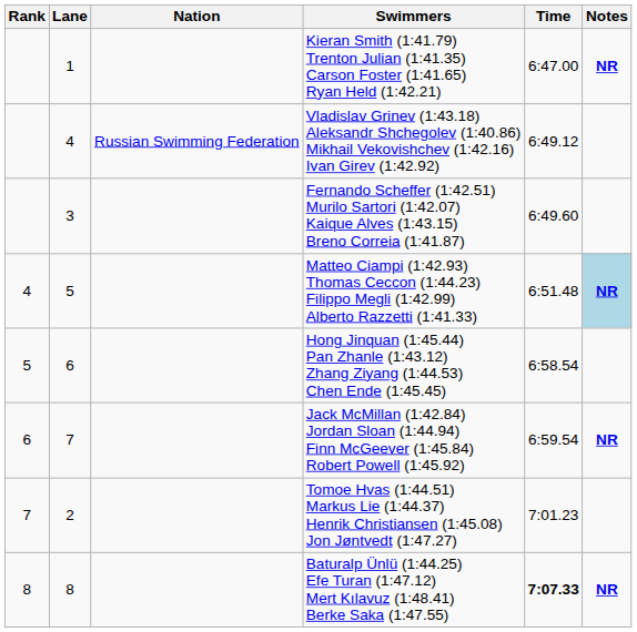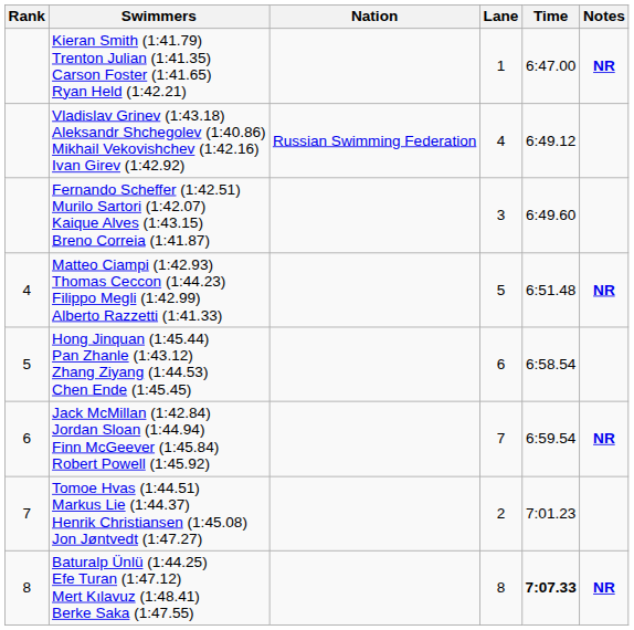 <table class="wikitable sortable" style="text-align:center">
 <tr>
 <th>Rank</th>
+<th>Swimmers</th>
+<th>Nation</th>
 <th>Lane</th>
-<th>Nation</th>
-<th>Swimmers</th>
 <th>Time</th>
 <th>Notes</th>
 </tr>
 <tr>
 <td></td>
+<td align=left><a href='#'>Kieran Smith</a> (1:41.79)<br><a href='#'>Trenton Julian</a> (1:41.35)<br><a href='#'>Carson Foster</a> (1:41.65)<br><a href='#'>Ryan Held</a> (1:42.21)</td>
+<td align=left></td>
 <td>1</td>
-<td align=left></td>
-<td align=left><a href='#'>Kieran Smith</a> (1:41.79)<br><a href='#'>Trenton Julian</a> (1:41.35)<br><a href='#'>Carson Foster</a> (1:41.65)<br><a href='#'>Ryan Held</a> (1:42.21)</td>
 <td>6:47.00</td>
 <td><strong><a href='#'>NR</a></strong></td>
 </tr>
 <tr>
 <td></td>
+<td align=left><a href='#'>Vladislav Grinev</a> (1:43.18)<br><a href='#'>Aleksandr Shchegolev</a> (1:40.86)<br><a href='#'>Mikhail Vekovishchev</a> (1:42.16)<br><a href='#'>Ivan Girev</a> (1:42.92)</td>
+<td align=left><a href='#'>Russian Swimming Federation</a></td>
 <td>4</td>
-<td align=left><a href='#'>Russian Swimming Federation</a></td>
-<td align=left><a href='#'>Vladislav Grinev</a> (1:43.18)<br><a href='#'>Aleksandr Shchegolev</a> (1:40.86)<br><a href='#'>Mikhail Vekovishchev</a> (1:42.16)<br><a href='#'>Ivan Girev</a> (1:42.92)</td>
 <td>6:49.12</td>
 <td></td>
 </tr>
 <tr>
 <td></td>
+<td align=left><a href='#'>Fernando Scheffer</a> (1:42.51)<br><a href='#'>Murilo Sartori</a> (1:42.07)<br><a href='#'>Kaique Alves</a> (1:43.15)<br><a href='#'>Breno Correia</a> (1:41.87)</td>
+<td align=left></td>
 <td>3</td>
-<td align=left></td>
-<td align=left><a href='#'>Fernando Scheffer</a> (1:42.51)<br><a href='#'>Murilo Sartori</a> (1:42.07)<br><a href='#'>Kaique Alves</a> (1:43.15)<br><a href='#'>Breno Correia</a> (1:41.87)</td>
 <td>6:49.60</td>
 <td></td>
 </tr>
 <tr>
 <td>4</td>
+<td align=left><a href='#'>Matteo Ciampi</a> (1:42.93)<br><a href='#'>Thomas Ceccon</a> (1:44.23)<br><a href='#'>Filippo Megli</a> (1:42.99)<br><a href='#'>Alberto Razzetti</a> (1:41.33)</td>
+<td align=left></td>
 <td>5</td>
-<td align=left></td>
-<td align=left><a href='#'>Matteo Ciampi</a> (1:42.93)<br><a href='#'>Thomas Ceccon</a> (1:44.23)<br><a href='#'>Filippo Megli</a> (1:42.99)<br><a href='#'>Alberto Razzetti</a> (1:41.33)</td>
 <td>6:51.48</td>
-<td style="background: lightblue;"><strong><a href='#'>NR</a></strong></td>
+<td><strong><a href='#'>NR</a></strong></td>
 </tr>
 <tr>
 <td>5</td>
+<td align=left><a href='#'>Hong Jinquan</a> (1:45.44)<br><a href='#'>Pan Zhanle</a> (1:43.12)<br><a href='#'>Zhang Ziyang</a> (1:44.53)<br><a href='#'>Chen Ende</a> (1:45.45)</td>
+<td align=left></td>
 <td>6</td>
-<td align=left></td>
-<td align=left><a href='#'>Hong Jinquan</a> (1:45.44)<br><a href='#'>Pan Zhanle</a> (1:43.12)<br><a href='#'>Zhang Ziyang</a> (1:44.53)<br><a href='#'>Chen Ende</a> (1:45.45)</td>
 <td>6:58.54</td>
 <td></td>
 </tr>
 <tr>
 <td>6</td>
+<td align=left><a href='#'>Jack McMillan</a> (1:42.84)<br><a href='#'>Jordan Sloan</a> (1:44.94)<br><a href='#'>Finn McGeever</a> (1:45.84)<br><a href='#'>Robert Powell</a> (1:45.92)</td>
+<td align=left></td>
 <td>7</td>
-<td align=left></td>
-<td align=left><a href='#'>Jack McMillan</a> (1:42.84)<br><a href='#'>Jordan Sloan</a> (1:44.94)<br><a href='#'>Finn McGeever</a> (1:45.84)<br><a href='#'>Robert Powell</a> (1:45.92)</td>
 <td>6:59.54</td>
 <td><strong><a href='#'>NR</a></strong></td>
 </tr>
 <tr>
 <td>7</td>
+<td align=left><a href='#'>Tomoe Hvas</a> (1:44.51)<br><a href='#'>Markus Lie</a> (1:44.37)<br><a href='#'>Henrik Christiansen</a> (1:45.08)<br><a href='#'>Jon Jøntvedt</a> (1:47.27)</td>
+<td align=left></td>
 <td>2</td>
-<td align=left></td>
-<td align=left><a href='#'>Tomoe Hvas</a> (1:44.51)<br><a href='#'>Markus Lie</a> (1:44.37)<br><a href='#'>Henrik Christiansen</a> (1:45.08)<br><a href='#'>Jon Jøntvedt</a> (1:47.27)</td>
 <td>7:01.23</td>
 <td></td>
 </tr>
 <tr>
 <td>8</td>
+<td align=left><a href='#'>Baturalp Ünlü</a> (1:44.25)<br><a href='#'>Efe Turan</a> (1:47.12)<br><a href='#'>Mert Kılavuz</a> (1:48.41)<br><a href='#'>Berke Saka</a> (1:47.55)</td>
+<td align=left></td>
 <td>8</td>
-<td align=left></td>
-<td align=left><a href='#'>Baturalp Ünlü</a> (1:44.25)<br><a href='#'>Efe Turan</a> (1:47.12)<br><a href='#'>Mert Kılavuz</a> (1:48.41)<br><a href='#'>Berke Saka</a> (1:47.55)</td>
 <td><strong>7:07.33</strong></td>
 <td><strong><a href='#'>NR</a></strong></td>
 </tr>
 </table>
